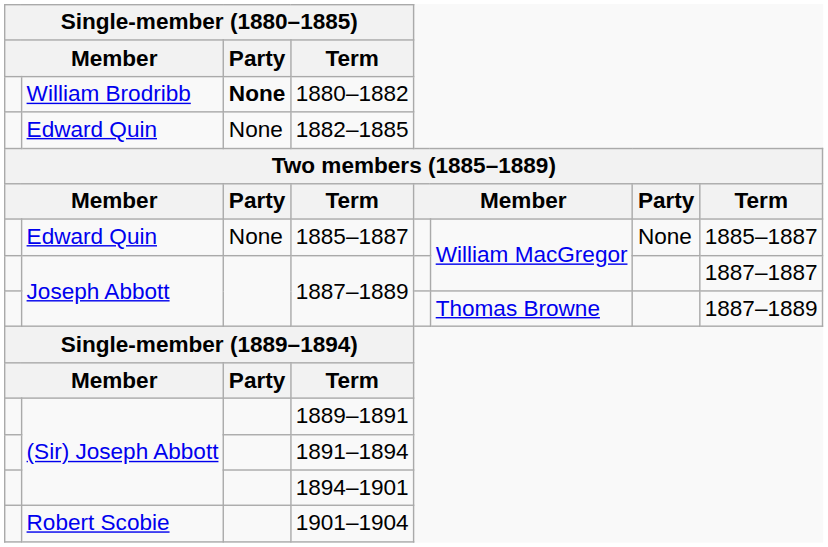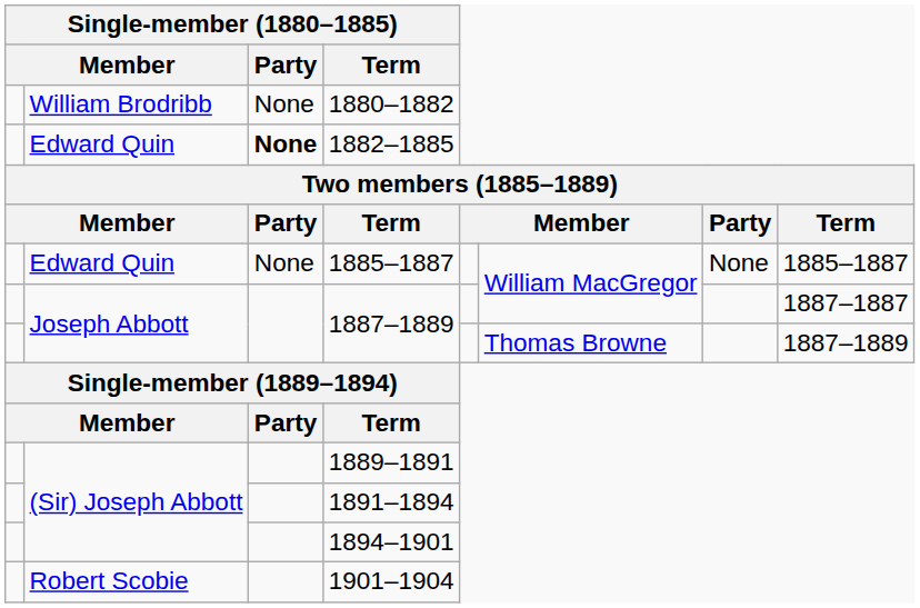 <table class="wikitable" style='border-style: none none none none;'>
 <tr>
 <th colspan="4">Single-member (1880–1885)</th>
 </tr>
 <tr>
 <th colspan="2">Member</th>
 <th>Party</th>
 <th>Term</th>
 </tr>
 <tr style="background: #f9f9f9">
 <td> </td>
 <td><a href='#'>William Brodribb</a></td>
-<td><strong>None</strong></td>
+<td>None</td>
 <td>1880–1882</td>
 </tr>
 <tr style="background: #f9f9f9">
 <td> </td>
 <td><a href='#'>Edward Quin</a></td>
-<td>None</td>
+<td><strong>None</strong></td>
 <td>1882–1885</td>
 </tr>
 <tr>
 <th colspan="8">Two members (1885–1889)</th>
 </tr>
 <tr>
 <th colspan="2">Member</th>
 <th>Party</th>
 <th>Term</th>
 <th colspan="2">Member</th>
 <th>Party</th>
 <th>Term</th>
 </tr>
 <tr style="background: #f9f9f9">
 <td> </td>
 <td><a href='#'>Edward Quin</a></td>
 <td>None</td>
 <td>1885–1887</td>
 <td> </td>
 <td rowspan="2"><a href='#'>William MacGregor</a></td>
 <td>None</td>
 <td>1885–1887</td>
 </tr>
 <tr style="background: #f9f9f9">
 <td> </td>
 <td rowspan="2"><a href='#'>Joseph Abbott</a></td>
 <td rowspan="2"></td>
 <td rowspan="2">1887–1889</td>
 <td> </td>
 <td></td>
 <td>1887–1887</td>
 </tr>
 <tr style="background: #f9f9f9">
 <td> </td>
 <td> </td>
 <td><a href='#'>Thomas Browne</a></td>
 <td></td>
 <td>1887–1889</td>
 </tr>
 <tr>
 <th colspan="4">Single-member (1889–1894)</th>
 </tr>
 <tr>
 <th colspan="2">Member</th>
 <th>Party</th>
 <th>Term</th>
 </tr>
 <tr style="background: #f9f9f9">
 <td> </td>
 <td rowspan="3"><a href='#'>(Sir) Joseph Abbott</a></td>
 <td></td>
 <td>1889–1891</td>
 </tr>
 <tr style="background: #f9f9f9">
 <td> </td>
 <td></td>
 <td>1891–1894</td>
 </tr>
 <tr style="background: #f9f9f9">
 <td> </td>
 <td></td>
 <td>1894–1901</td>
 </tr>
 <tr style="background: #f9f9f9">
 <td> </td>
 <td><a href='#'>Robert Scobie</a></td>
 <td></td>
 <td>1901–1904</td>
 </tr>
 </table>
